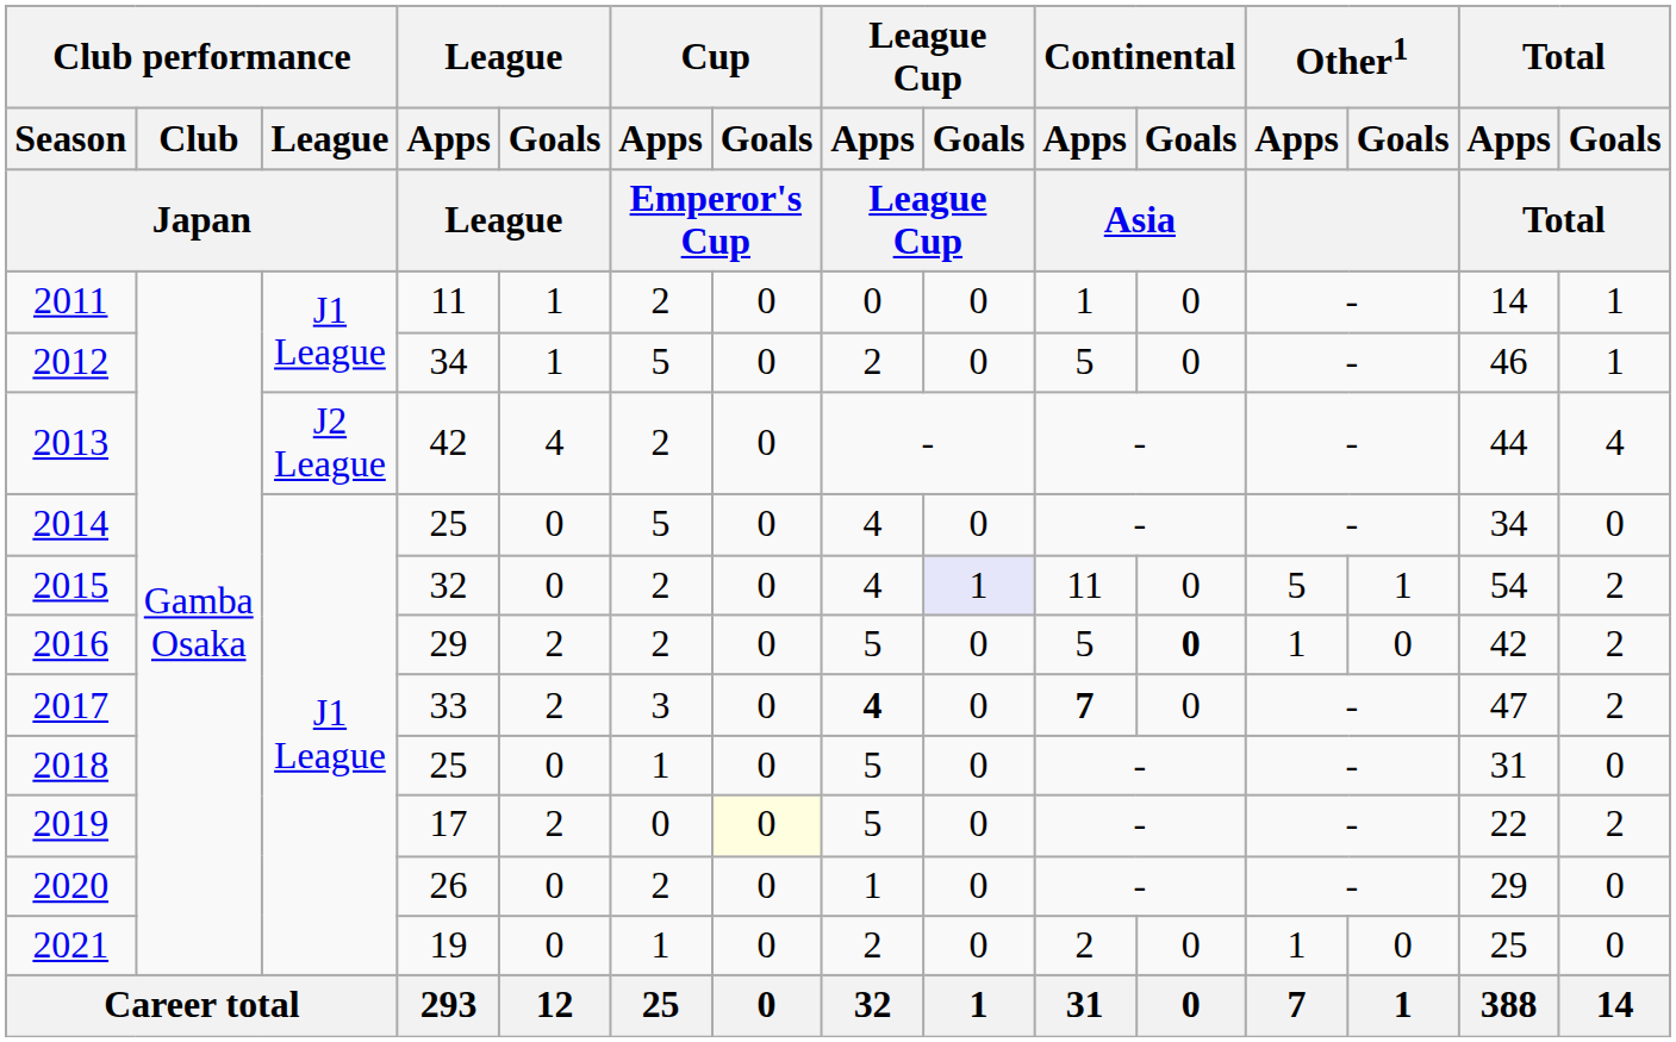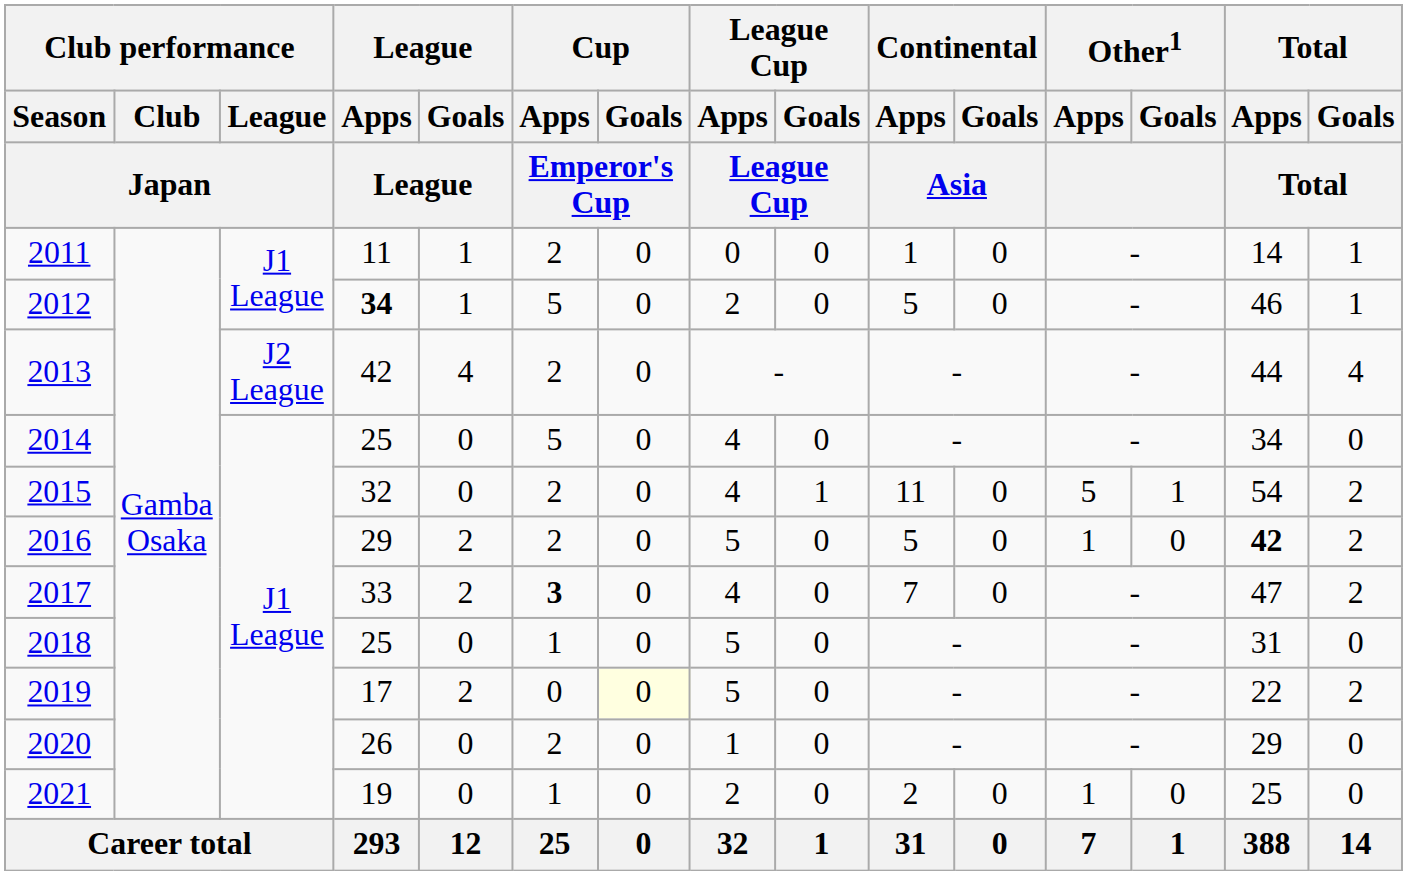 <table class="wikitable" style="text-align:center">
 <tr>
 <th colspan=3>Club performance</th>
 <th colspan=2>League</th>
 <th colspan=2>Cup</th>
 <th colspan=2>League Cup</th>
 <th colspan=2>Continental</th>
 <th colspan=2>Other<sup>1</sup></th>
 <th colspan=2>Total</th>
 </tr>
 <tr>
 <th>Season</th>
 <th>Club</th>
 <th>League</th>
 <th>Apps</th>
 <th>Goals</th>
 <th>Apps</th>
 <th>Goals</th>
 <th>Apps</th>
 <th>Goals</th>
 <th>Apps</th>
 <th>Goals</th>
 <th>Apps</th>
 <th>Goals</th>
 <th>Apps</th>
 <th>Goals</th>
 </tr>
 <tr>
 <th colspan=3>Japan</th>
 <th colspan=2>League</th>
 <th colspan=2><a href='#'>Emperor's Cup</a></th>
 <th colspan=2><a href='#'>League Cup</a></th>
 <th colspan=2><a href='#'>Asia</a></th>
 <th colspan=2></th>
 <th colspan=2>Total</th>
 </tr>
 <tr>
 <td><a href='#'>2011</a></td>
 <td rowspan="11"><a href='#'>Gamba Osaka</a></td>
 <td rowspan="2"><a href='#'>J1 League</a></td>
 <td>11</td>
 <td>1</td>
 <td>2</td>
 <td>0</td>
 <td>0</td>
 <td>0</td>
 <td>1</td>
 <td>0</td>
 <td colspan="2">-</td>
 <td>14</td>
 <td>1</td>
 </tr>
 <tr>
 <td><a href='#'>2012</a></td>
-<td>34</td>
+<td><strong>34</strong></td>
 <td>1</td>
 <td>5</td>
 <td>0</td>
 <td>2</td>
 <td>0</td>
 <td>5</td>
 <td>0</td>
 <td colspan="2">-</td>
 <td>46</td>
 <td>1</td>
 </tr>
 <tr>
 <td><a href='#'>2013</a></td>
 <td><a href='#'>J2 League</a></td>
 <td>42</td>
 <td>4</td>
 <td>2</td>
 <td>0</td>
 <td colspan="2">-</td>
 <td colspan="2">-</td>
 <td colspan="2">-</td>
 <td>44</td>
 <td>4</td>
 </tr>
 <tr>
 <td><a href='#'>2014</a></td>
 <td rowspan="8"><a href='#'>J1 League</a></td>
 <td>25</td>
 <td>0</td>
 <td>5</td>
 <td>0</td>
 <td>4</td>
 <td>0</td>
 <td colspan="2">-</td>
 <td colspan="2">-</td>
 <td>34</td>
 <td>0</td>
 </tr>
 <tr>
 <td><a href='#'>2015</a></td>
 <td>32</td>
 <td>0</td>
 <td>2</td>
 <td>0</td>
 <td>4</td>
-<td style="background: lavender;">1</td>
+<td>1</td>
 <td>11</td>
 <td>0</td>
 <td>5</td>
 <td>1</td>
 <td>54</td>
 <td>2</td>
 </tr>
 <tr>
 <td><a href='#'>2016</a></td>
 <td>29</td>
 <td>2</td>
 <td>2</td>
 <td>0</td>
 <td>5</td>
 <td>0</td>
 <td>5</td>
-<td><strong>0</strong></td>
+<td>0</td>
 <td>1</td>
 <td>0</td>
-<td>42</td>
+<td><strong>42</strong></td>
 <td>2</td>
 </tr>
 <tr>
 <td><a href='#'>2017</a></td>
 <td>33</td>
 <td>2</td>
-<td>3</td>
+<td><strong>3</strong></td>
 <td>0</td>
-<td><strong>4</strong></td>
+<td>4</td>
 <td>0</td>
-<td><strong>7</strong></td>
+<td>7</td>
 <td>0</td>
 <td colspan="2">-</td>
 <td>47</td>
 <td>2</td>
 </tr>
 <tr>
 <td><a href='#'>2018</a></td>
 <td>25</td>
 <td>0</td>
 <td>1</td>
 <td>0</td>
 <td>5</td>
 <td>0</td>
 <td colspan="2">-</td>
 <td colspan="2">-</td>
 <td>31</td>
 <td>0</td>
 </tr>
 <tr>
 <td><a href='#'>2019</a></td>
 <td>17</td>
 <td>2</td>
 <td>0</td>
 <td style="background: lightyellow;">0</td>
 <td>5</td>
 <td>0</td>
 <td colspan="2">-</td>
 <td colspan="2">-</td>
 <td>22</td>
 <td>2</td>
 </tr>
 <tr>
 <td><a href='#'>2020</a></td>
 <td>26</td>
 <td>0</td>
 <td>2</td>
 <td>0</td>
 <td>1</td>
 <td>0</td>
 <td colspan="2">-</td>
 <td colspan="2">-</td>
 <td>29</td>
 <td>0</td>
 </tr>
 <tr>
 <td><a href='#'>2021</a></td>
 <td>19</td>
 <td>0</td>
 <td>1</td>
 <td>0</td>
 <td>2</td>
 <td>0</td>
 <td>2</td>
 <td>0</td>
 <td>1</td>
 <td>0</td>
 <td>25</td>
 <td>0</td>
 </tr>
 <tr>
 <th colspan=3>Career total</th>
 <th>293</th>
 <th>12</th>
 <th>25</th>
 <th>0</th>
 <th>32</th>
 <th>1</th>
 <th>31</th>
 <th>0</th>
 <th>7</th>
 <th>1</th>
 <th>388</th>
 <th>14</th>
 </tr>
 </table>
